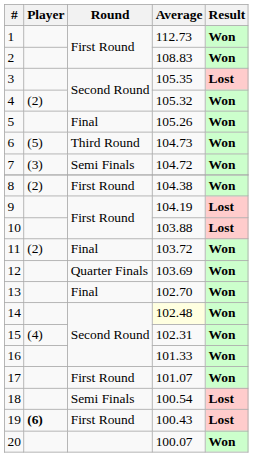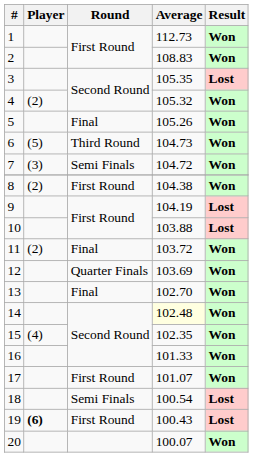 <table class ="wikitable sortable">
 <tr>
 <th>#</th>
 <th>Player</th>
 <th>Round</th>
 <th>Average</th>
 <th>Result</th>
 </tr>
 <tr>
 <td>1</td>
 <td></td>
 <td Rowspan=2>First Round</td>
 <td>112.73</td>
 <td style="background:#CCFFCC;"><strong>Won</strong></td>
 </tr>
 <tr>
 <td>2</td>
 <td></td>
 <td>108.83</td>
 <td style="background:#CCFFCC;"><strong>Won</strong></td>
 </tr>
 <tr>
 <td>3</td>
 <td></td>
 <td Rowspan=2>Second Round</td>
 <td>105.35</td>
 <td style="background:#FFccCC;"><strong>Lost</strong></td>
 </tr>
 <tr>
 <td>4</td>
 <td> (2)</td>
 <td>105.32</td>
 <td style="background:#CCFFCC;"><strong>Won</strong></td>
 </tr>
 <tr>
 <td>5</td>
 <td></td>
 <td>Final</td>
 <td>105.26</td>
 <td style="background:#CCFFCC;"><strong>Won</strong></td>
 </tr>
 <tr>
 <td>6</td>
 <td> (5)</td>
 <td>Third Round</td>
 <td>104.73</td>
 <td style="background:#CCFFCC;"><strong>Won</strong></td>
 </tr>
 <tr>
 <td>7</td>
 <td> (3)</td>
 <td>Semi Finals</td>
 <td>104.72</td>
 <td style="background:#CCFFCC;"><strong>Won</strong></td>
 </tr>
 <tr>
 </tr>
 <tr>
 <td>8</td>
 <td> (2)</td>
 <td>First Round</td>
 <td>104.38</td>
 <td style="background:#CCFFCC;"><strong>Won</strong></td>
 </tr>
 <tr>
 <td>9</td>
 <td></td>
 <td Rowspan=2>First Round</td>
 <td>104.19</td>
 <td style="background:#FFccCC;"><strong>Lost</strong></td>
 </tr>
 <tr>
 <td>10</td>
 <td></td>
 <td>103.88</td>
 <td style="background:#FFCccC;"><strong>Lost</strong></td>
 </tr>
 <tr>
 <td>11</td>
 <td> (2)</td>
 <td>Final</td>
 <td>103.72</td>
 <td style="background:#CCFFCC;"><strong>Won</strong></td>
 </tr>
 <tr>
 <td>12</td>
 <td></td>
 <td>Quarter Finals</td>
 <td>103.69</td>
 <td style="background:#CCFFCC;"><strong>Won</strong></td>
 </tr>
 <tr>
 <td>13</td>
 <td></td>
 <td>Final</td>
 <td>102.70</td>
 <td style="background:#CCFFCC;"><strong>Won</strong></td>
 </tr>
 <tr>
 <td>14</td>
 <td></td>
 <td Rowspan=3>Second Round</td>
 <td style="background: lightyellow;">102.48</td>
 <td style="background:#CCFFCC;"><strong>Won</strong></td>
 </tr>
 <tr>
 <td>15</td>
 <td> (4)</td>
-<td>102.31</td>
+<td>102.35</td>
 <td style="background:#CCFFCC;"><strong>Won</strong></td>
 </tr>
 <tr>
 <td>16</td>
 <td></td>
 <td>101.33</td>
 <td style="background:#CCFFCC;"><strong>Won</strong></td>
 </tr>
 <tr>
 <td>17</td>
 <td></td>
 <td>First Round</td>
 <td>101.07</td>
 <td style="background:#CCFFCC;"><strong>Won</strong></td>
 </tr>
 <tr>
 <td>18</td>
 <td></td>
 <td>Semi Finals</td>
 <td>100.54</td>
 <td style="background:#FFccCC;"><strong>Lost</strong></td>
 </tr>
 <tr>
 <td>19</td>
 <td><strong> (6)</strong></td>
 <td>First Round</td>
 <td>100.43</td>
 <td style="background:#FFccCC;"><strong>Lost</strong></td>
 </tr>
 <tr>
 <td>20</td>
 <td></td>
 <td></td>
 <td>100.07</td>
 <td style="background:#CCFFCC;"><strong>Won</strong></td>
 </tr>
 </table>
